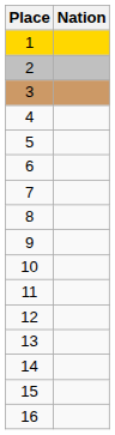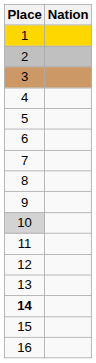 <table class="wikitable">
 <tr>
 <th>Place</th>
 <th>Nation</th>
 </tr>
 <tr bgcolor=gold>
 <td align=center>1</td>
 <td></td>
 </tr>
 <tr bgcolor=silver>
 <td align=center>2</td>
 <td></td>
 </tr>
 <tr bgcolor=cc9966>
 <td align=center>3</td>
 <td></td>
 </tr>
 <tr>
 <td align=center>4</td>
 <td></td>
 </tr>
 <tr>
 <td align=center>5</td>
 <td></td>
 </tr>
 <tr>
 <td align=center>6</td>
 <td></td>
 </tr>
 <tr>
 <td align=center>7</td>
 <td></td>
 </tr>
 <tr>
 <td align=center>8</td>
 <td></td>
 </tr>
 <tr>
 <td align=center>9</td>
 <td></td>
 </tr>
 <tr>
-<td align=center>10</td>
+<td align=center style="background: lightgrey;">10</td>
 <td></td>
 </tr>
 <tr>
 <td align=center>11</td>
 <td></td>
 </tr>
 <tr>
 <td align=center>12</td>
 <td></td>
 </tr>
 <tr>
 <td align=center>13</td>
 <td></td>
 </tr>
 <tr>
-<td align=center>14</td>
+<td align=center><strong>14</strong></td>
 <td></td>
 </tr>
 <tr>
 <td align=center>15</td>
 <td></td>
 </tr>
 <tr>
 <td align=center>16</td>
 <td></td>
 </tr>
 </table>
